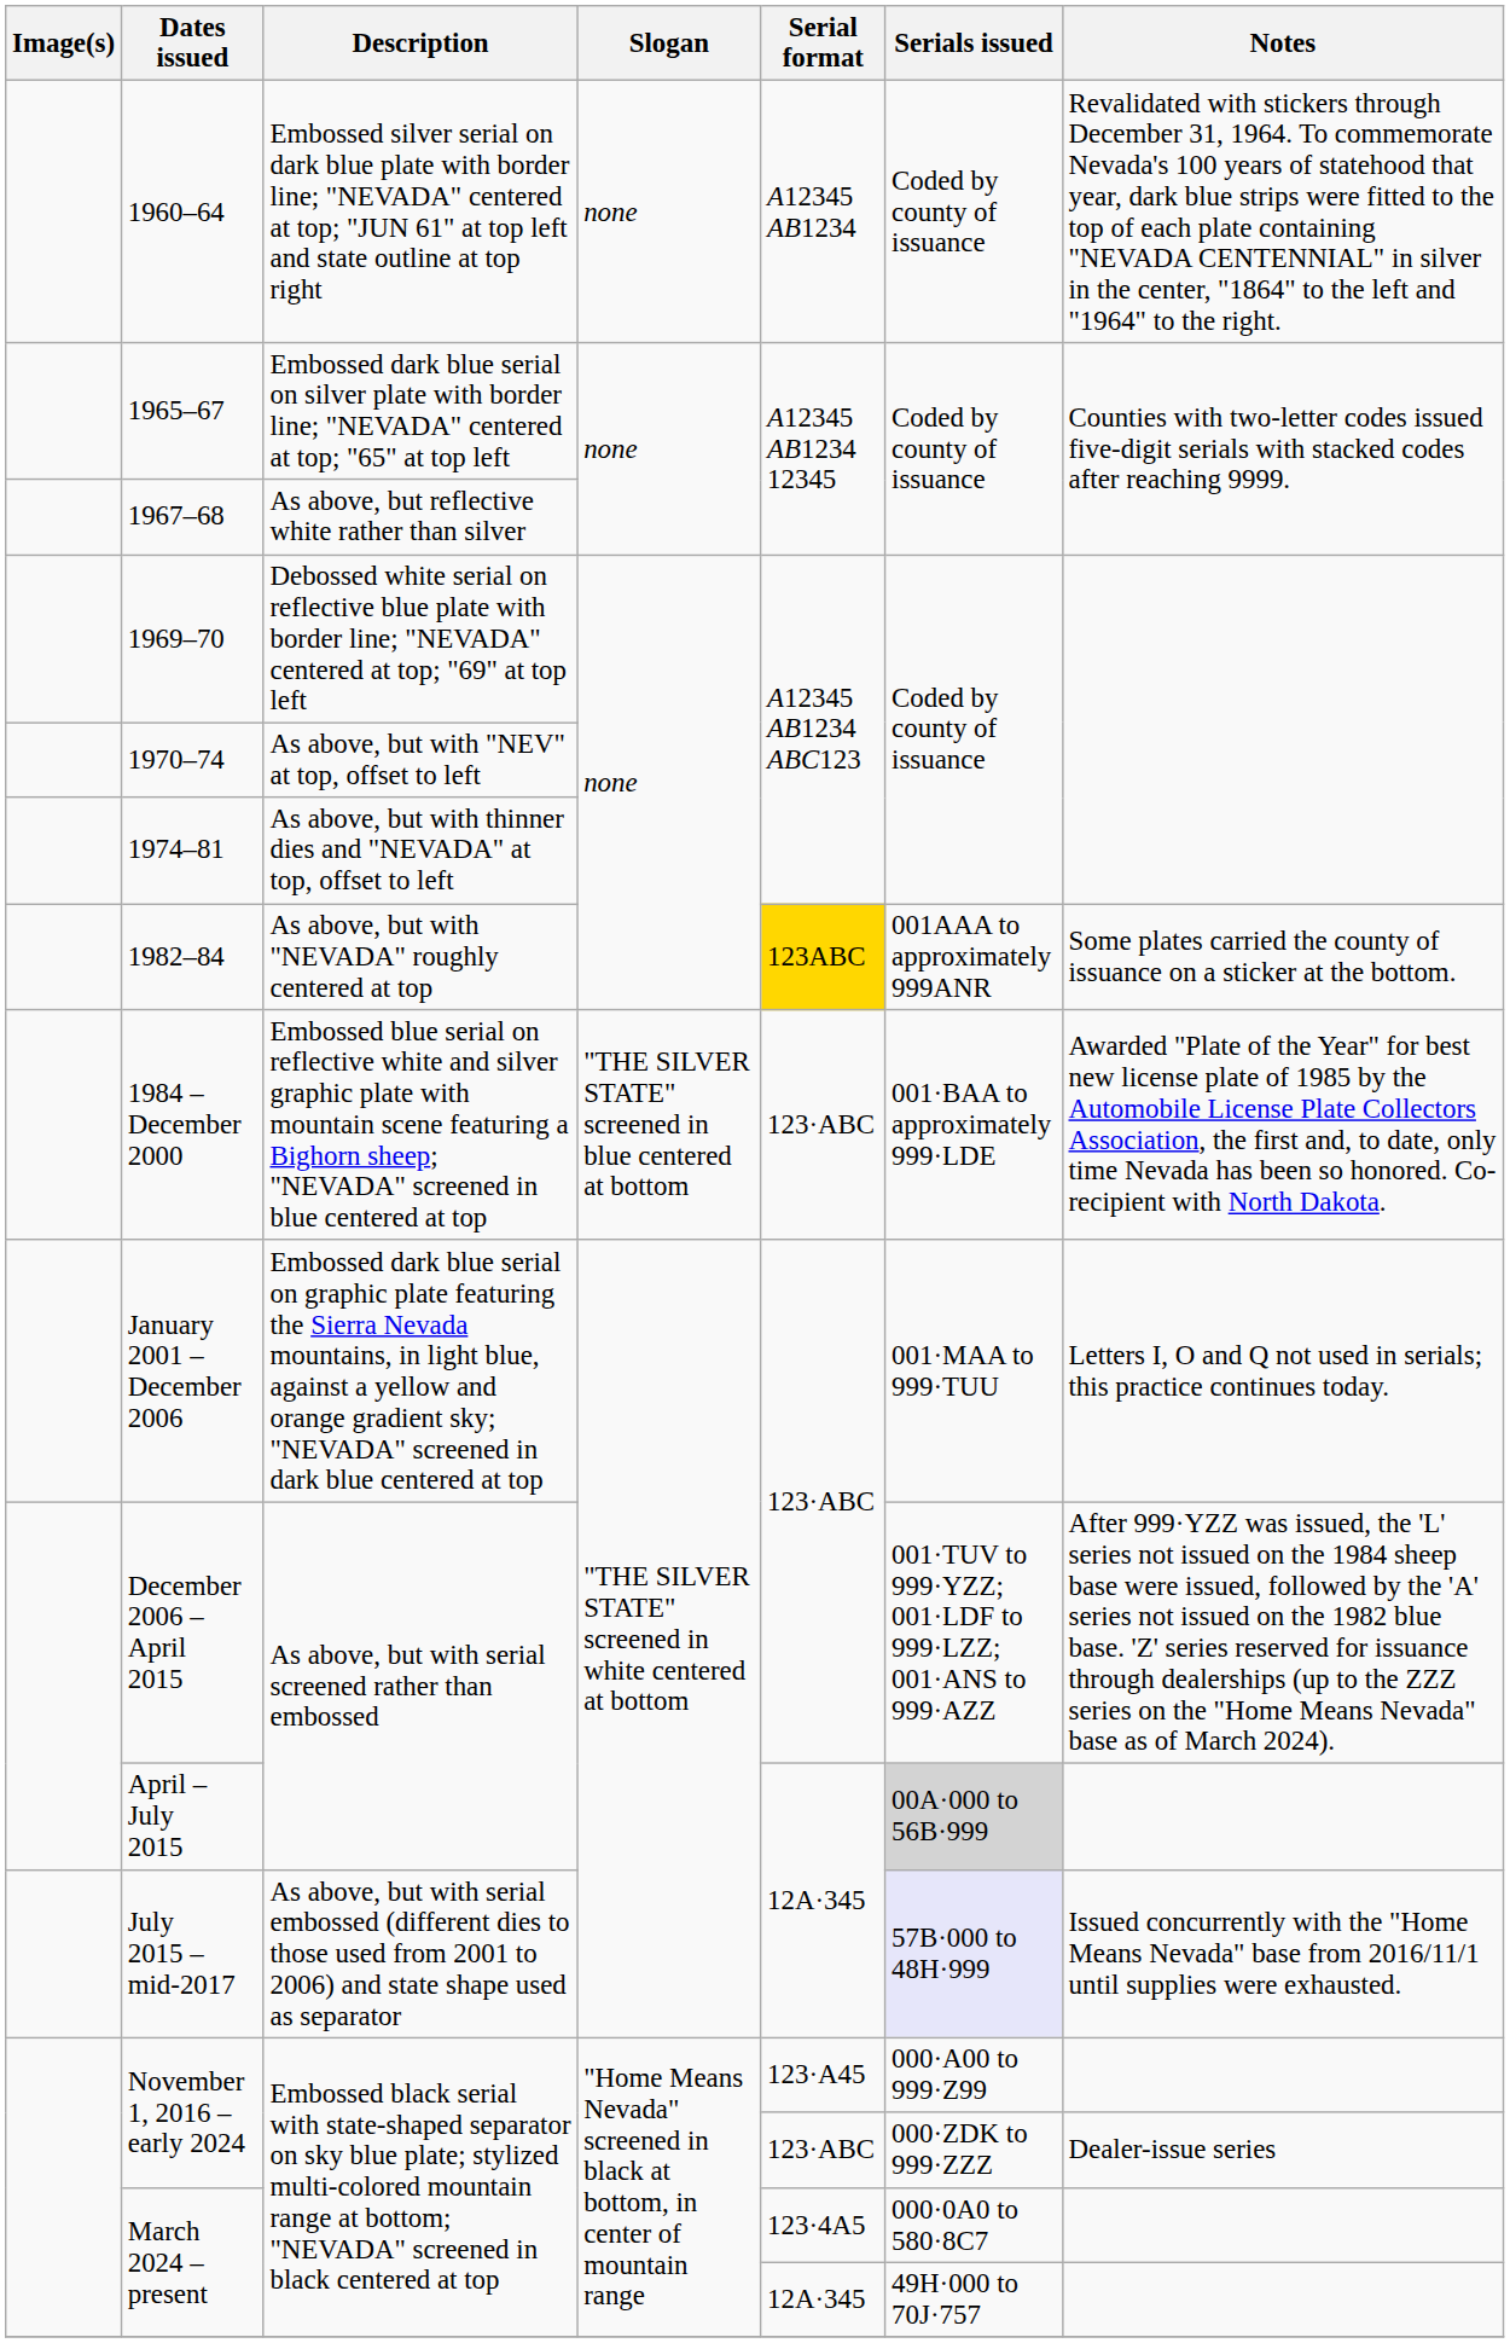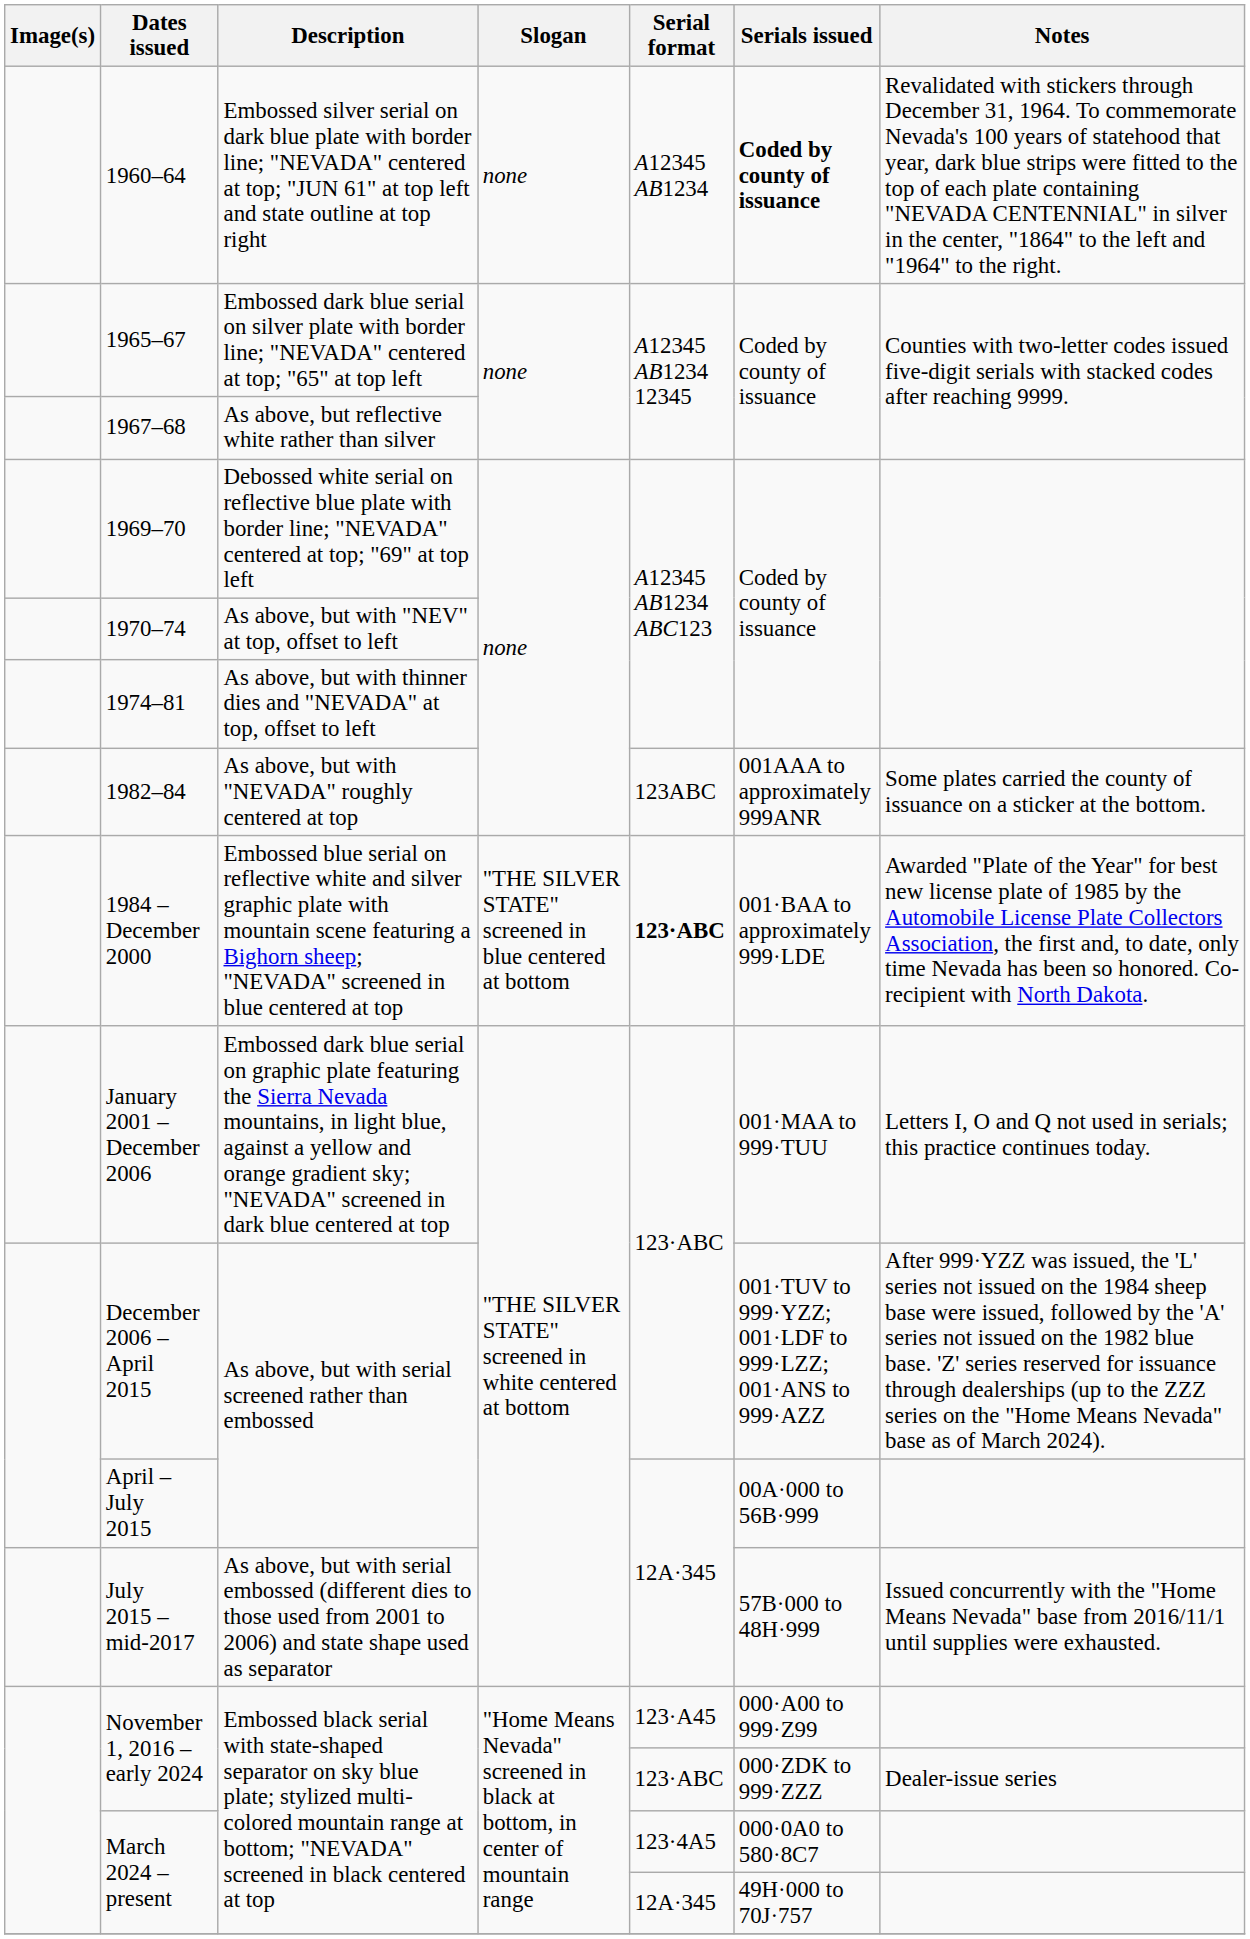 <table class="wikitable">
 <tr>
 <th>Image(s)</th>
 <th style="width:75px;">Dates issued</th>
 <th>Description</th>
 <th>Slogan</th>
 <th>Serial format</th>
 <th style="width:95px;">Serials issued</th>
 <th>Notes</th>
 </tr>
 <tr>
 <td><br></td>
 <td>1960–64</td>
 <td>Embossed silver serial on dark blue plate with border line; "NEVADA" centered at top; "JUN 61" at top left and state outline at top right</td>
 <td><em>none</em></td>
 <td><em>A</em>12345<br><em>AB</em>1234</td>
-<td>Coded by county of issuance</td>
+<td><strong>Coded by county of issuance</strong></td>
 <td>Revalidated with stickers through December 31, 1964. To commemorate Nevada's 100 years of statehood that year, dark blue strips were fitted to the top of each plate containing "NEVADA CENTENNIAL" in silver in the center, "1864" to the left and "1964" to the right.</td>
 </tr>
 <tr>
 <td></td>
 <td>1965–67</td>
 <td>Embossed dark blue serial on silver plate with border line; "NEVADA" centered at top; "65" at top left</td>
 <td rowspan="2"><em>none</em></td>
 <td rowspan="2"><em>A</em>12345<br><em>AB</em>1234<br>12345</td>
 <td rowspan="2">Coded by county of issuance</td>
 <td rowspan="2">Counties with two-letter codes issued five-digit serials with stacked codes after reaching 9999.</td>
 </tr>
 <tr>
 <td></td>
 <td>1967–68</td>
 <td>As above, but reflective white rather than silver</td>
 </tr>
 <tr>
 <td></td>
 <td>1969–70</td>
 <td>Debossed white serial on reflective blue plate with border line; "NEVADA" centered at top; "69" at top left</td>
 <td rowspan="4"><em>none</em></td>
 <td rowspan="3"><em>A</em>12345<br><em>AB</em>1234<br><em>ABC</em>123</td>
 <td rowspan="3">Coded by county of issuance</td>
 <td rowspan="3"></td>
 </tr>
 <tr>
 <td></td>
 <td>1970–74</td>
 <td>As above, but with "NEV" at top, offset to left</td>
 </tr>
 <tr>
 <td></td>
 <td>1974–81</td>
 <td>As above, but with thinner dies and "NEVADA" at top, offset to left</td>
 </tr>
 <tr>
 <td><br></td>
 <td>1982–84</td>
 <td>As above, but with "NEVADA" roughly centered at top</td>
-<td style="background: gold;">123ABC</td>
+<td>123ABC</td>
 <td>001AAA to approximately 999ANR</td>
 <td>Some plates carried the county of issuance on a sticker at the bottom.</td>
 </tr>
 <tr>
 <td></td>
 <td>1984 – December 2000</td>
 <td>Embossed blue serial on reflective white and silver graphic plate with mountain scene featuring a <a href='#'>Bighorn sheep</a>; "NEVADA" screened in blue centered at top</td>
 <td>"THE SILVER STATE" screened in blue centered at bottom</td>
-<td>123·ABC</td>
+<td><strong>123·ABC</strong></td>
 <td>001·BAA to approximately 999·LDE</td>
 <td>Awarded "Plate of the Year" for best new license plate of 1985 by the <a href='#'>Automobile License Plate Collectors Association</a>, the first and, to date, only time Nevada has been so honored. Co-recipient with <a href='#'>North Dakota</a>.</td>
 </tr>
 <tr>
 <td></td>
 <td>January 2001 – December 2006</td>
 <td>Embossed dark blue serial on graphic plate featuring the <a href='#'>Sierra Nevada</a> mountains, in light blue, against a yellow and orange gradient sky; "NEVADA" screened in dark blue centered at top</td>
 <td rowspan="4">"THE SILVER STATE" screened in white centered at bottom</td>
 <td rowspan="2">123·ABC</td>
 <td>001·MAA to 999·TUU</td>
 <td>Letters I, O and Q not used in serials; this practice continues today.</td>
 </tr>
 <tr>
 <td rowspan="2"></td>
 <td>December 2006 – April<br>2015</td>
 <td rowspan="2">As above, but with serial screened rather than embossed</td>
 <td>001·TUV to 999·YZZ;<br>001·LDF to 999·LZZ;<br>001·ANS to 999·AZZ</td>
 <td>After 999·YZZ was issued, the 'L' series not issued on the 1984 sheep base were issued, followed by the 'A' series not issued on the 1982 blue base. 'Z' series reserved for issuance through dealerships (up to the ZZZ series on the "Home Means Nevada" base as of March 2024).</td>
 </tr>
 <tr>
 <td>April –<br>July<br>2015</td>
 <td rowspan="2">12A·345</td>
-<td style="background: lightgrey;">00A·000 to 56B·999</td>
+<td>00A·000 to 56B·999</td>
 <td></td>
 </tr>
 <tr>
 <td></td>
 <td>July<br>2015 – mid-2017</td>
 <td>As above, but with serial embossed (different dies to those used from 2001 to 2006) and state shape used as separator</td>
-<td style="background: lavender;">57B·000 to 48H·999</td>
+<td>57B·000 to 48H·999</td>
 <td>Issued concurrently with the "Home Means Nevada" base from 2016/11/1 until supplies were exhausted.</td>
 </tr>
 <tr>
 <td rowspan="4"></td>
 <td rowspan="2">November 1, 2016 – early 2024</td>
 <td rowspan="4">Embossed black serial with state-shaped separator on sky blue plate; stylized multi-colored mountain range at bottom; "NEVADA" screened in black centered at top</td>
 <td rowspan="4">"Home Means Nevada" screened in black at bottom, in center of mountain range</td>
 <td>123·A45</td>
 <td>000·A00 to 999·Z99</td>
 <td></td>
 </tr>
 <tr>
 <td>123·ABC</td>
 <td>000·ZDK to 999·ZZZ</td>
 <td>Dealer-issue series</td>
 </tr>
 <tr>
 <td rowspan="2">March 2024 – present</td>
 <td>123·4A5</td>
 <td>000·0A0 to 580·8C7 </td>
 </tr>
 <tr>
 <td>12A·345</td>
 <td>49H·000 to 70J·757 </td>
 <td></td>
 </tr>
 <tr>
 </tr>
 </table>
